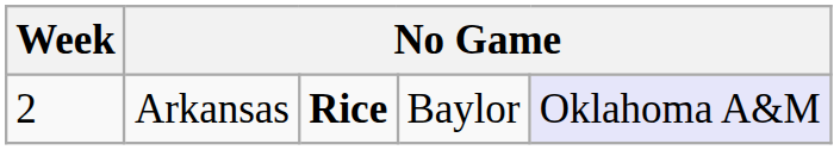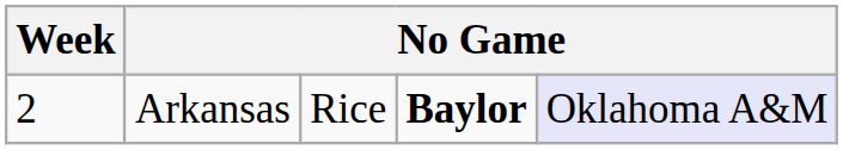 <table class="wikitable" style="font-size:95%">
 <tr>
 <th>Week</th>
 <th colspan="10">No Game</th>
 </tr>
 <tr>
 <td>2</td>
 <td>Arkansas</td>
-<td><strong>Rice</strong></td>
-<td>Baylor</td>
+<td>Rice</td>
+<td><strong>Baylor</strong></td>
 <td style="background: lavender;">Oklahoma A&M</td>
 </tr>
 </table>
